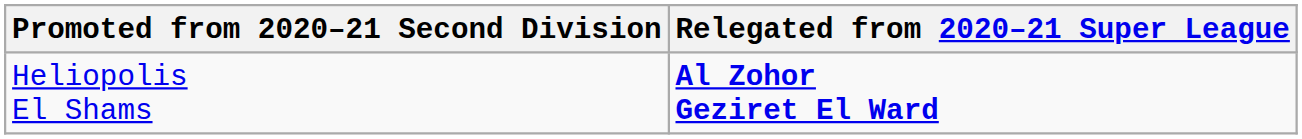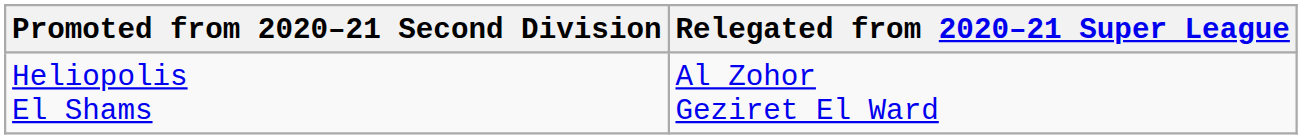 <table class="wikitable">
 <tr>
 <th> Promoted from 2020–21 Second Division</th>
 <th> Relegated from <a href='#'>2020–21 Super League</a></th>
 </tr>
 <tr>
 <td><a href='#'>Heliopolis</a><br><a href='#'>El Shams</a></td>
-<td><strong><a href='#'>Al Zohor</a><br><a href='#'>Geziret El Ward</a></strong></td>
+<td><a href='#'>Al Zohor</a><br><a href='#'>Geziret El Ward</a></td>
 </tr>
 </table>
